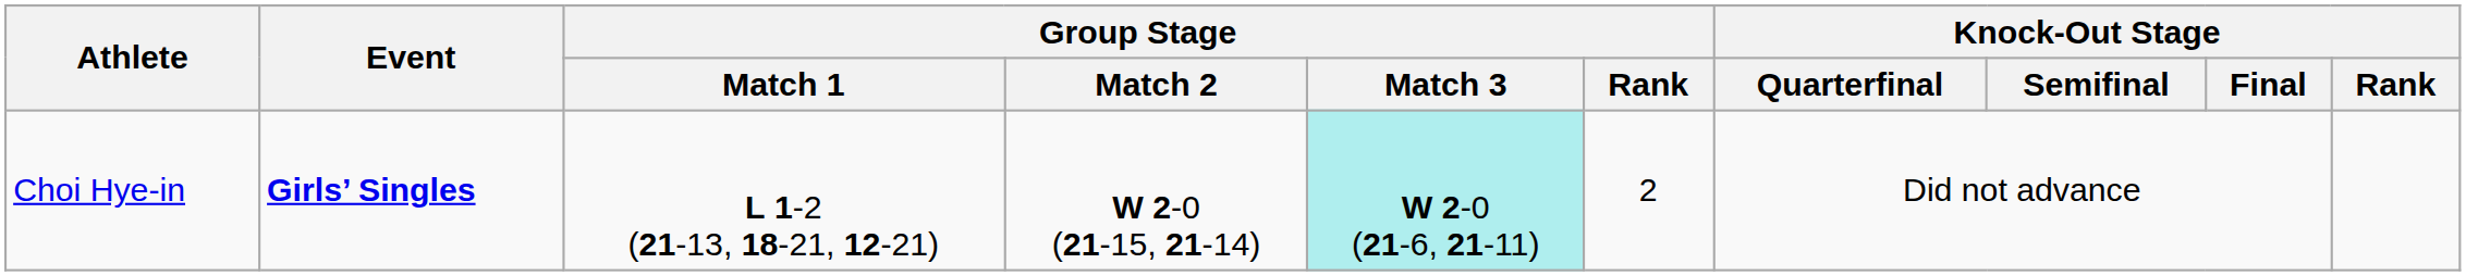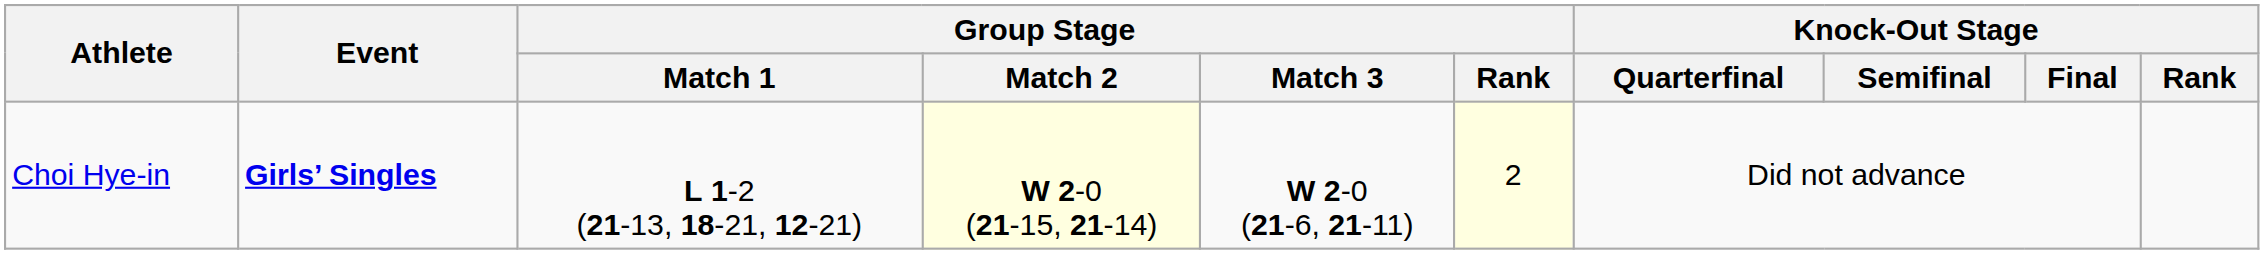 <table class="wikitable" width="85%" style="text-align:left; font-size:90%">
 <tr>
 <th rowspan=2>Athlete</th>
 <th rowspan=2>Event</th>
 <th colspan=4>Group Stage</th>
 <th colspan=4>Knock-Out Stage</th>
 </tr>
 <tr>
 <th>Match 1</th>
 <th>Match 2</th>
 <th>Match 3</th>
 <th>Rank</th>
 <th>Quarterfinal</th>
 <th>Semifinal</th>
 <th>Final</th>
 <th>Rank</th>
 </tr>
 <tr>
 <td><a href='#'>Choi Hye-in</a></td>
 <td><strong><a href='#'>Girls’ Singles</a></strong></td>
 <td align=center> <br><br><strong>L</strong> <strong>1</strong>-2 <br> (<strong>21</strong>-13, <strong>18</strong>-21, <strong>12</strong>-21)</td>
-<td align=center> <br><br><strong>W</strong> <strong>2</strong>-0 <br> (<strong>21</strong>-15, <strong>21</strong>-14)</td>
-<td align=center style="background: paleturquoise;"> <br><br><strong>W</strong> <strong>2</strong>-0 <br> (<strong>21</strong>-6, <strong>21</strong>-11)</td>
-<td align=center>2</td>
+<td align=center style="background: lightyellow;"> <br><br><strong>W</strong> <strong>2</strong>-0 <br> (<strong>21</strong>-15, <strong>21</strong>-14)</td>
+<td align=center> <br><br><strong>W</strong> <strong>2</strong>-0 <br> (<strong>21</strong>-6, <strong>21</strong>-11)</td>
+<td align=center style="background: lightyellow;">2</td>
 <td colspan="3" align=center>Did not advance</td>
 <td align=center></td>
 </tr>
 </table>
